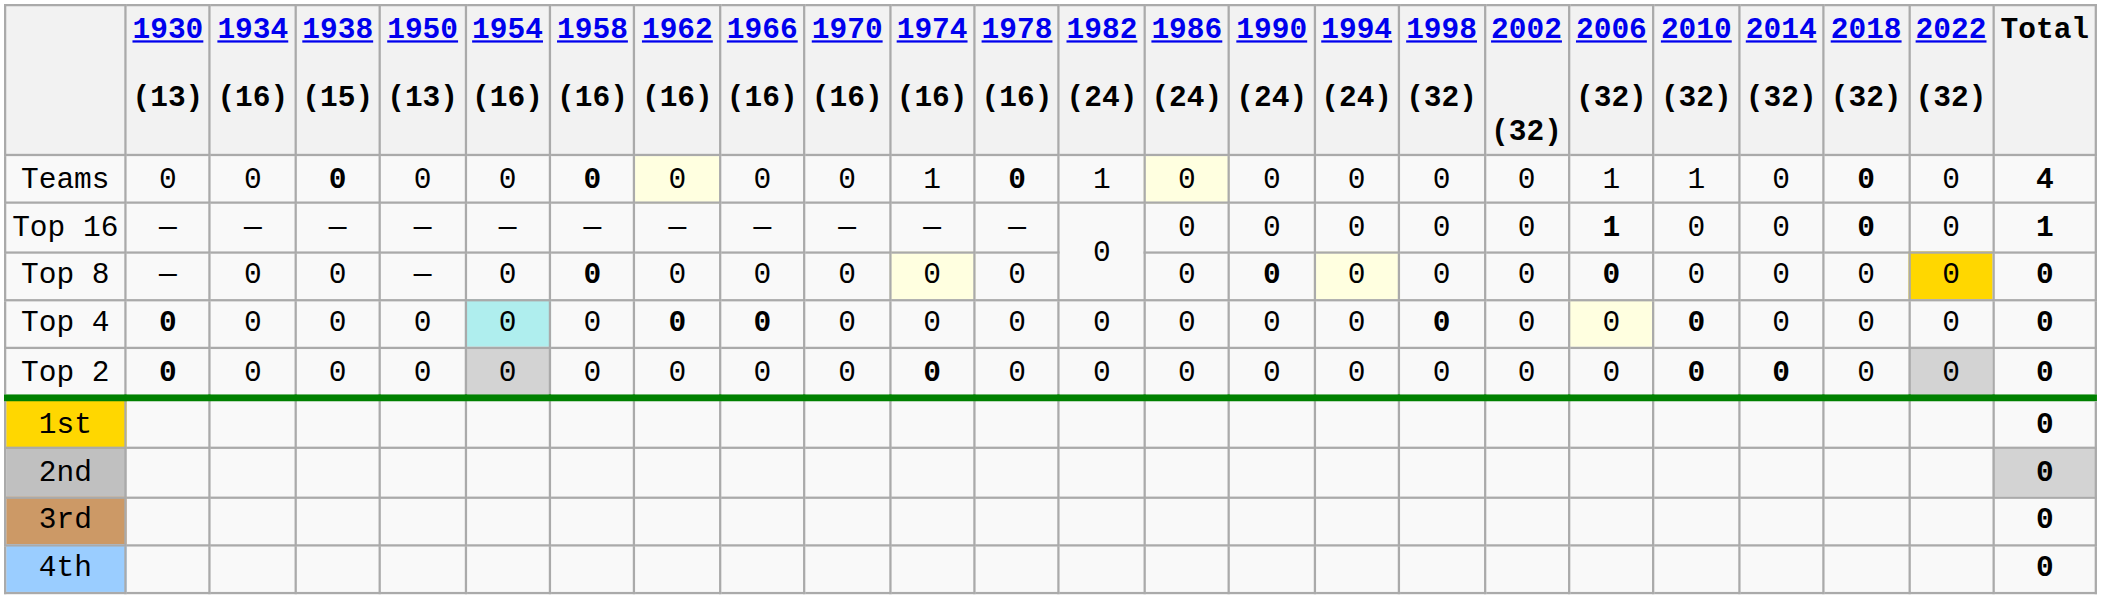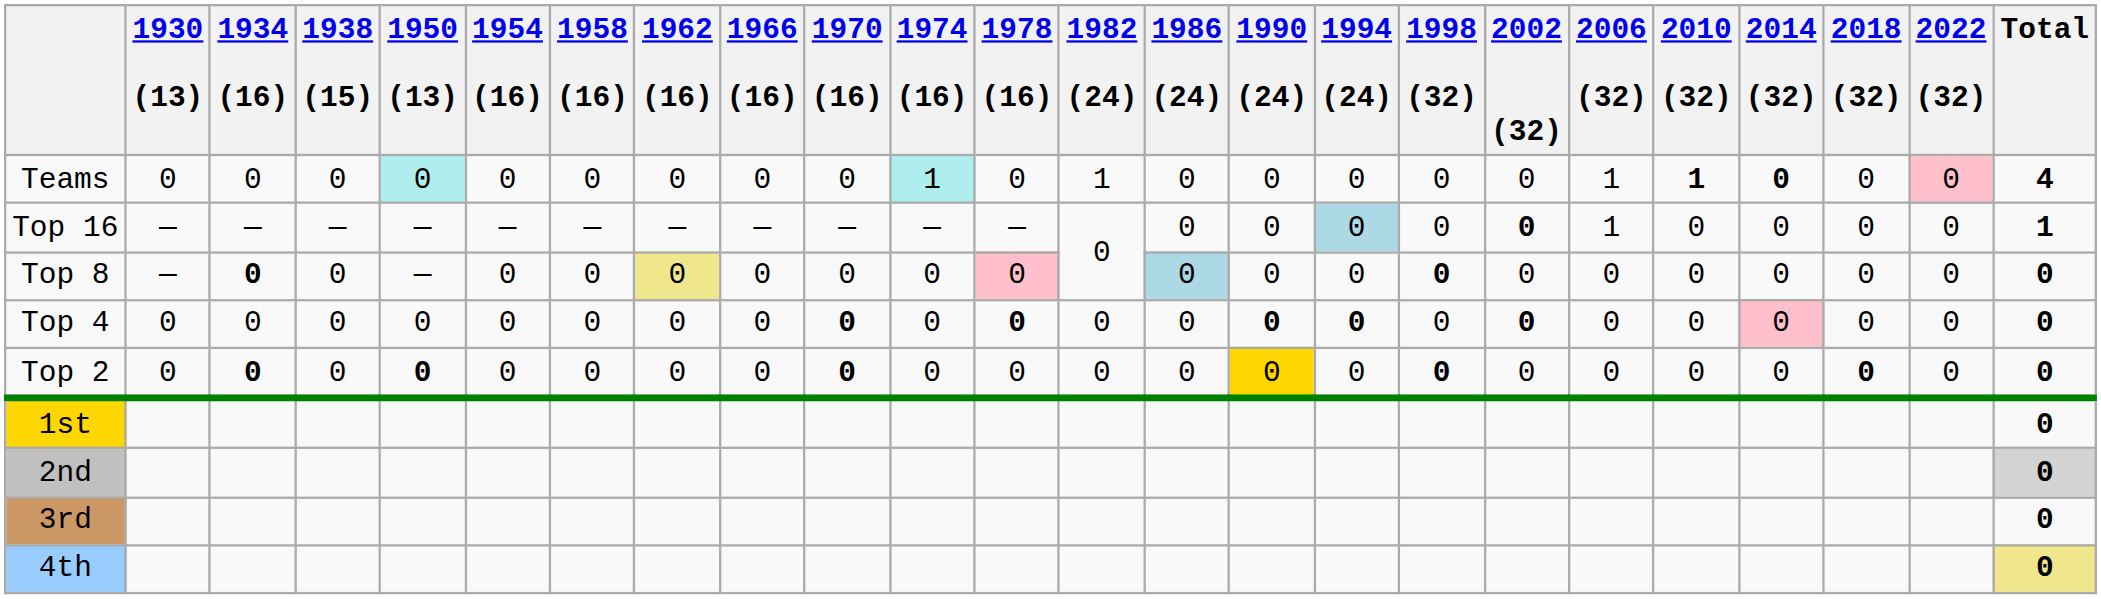 <table class="wikitable" style="text-align: center">
 <tr valign=top>
 <th></th>
 <th><a href='#'>1930</a><br> <br> (13)</th>
 <th><a href='#'>1934</a><br> <br> (16)</th>
 <th><a href='#'>1938</a><br> <br> (15)</th>
 <th><a href='#'>1950</a><br> <br> (13)</th>
 <th><a href='#'>1954</a><br> <br> (16)</th>
 <th><a href='#'>1958</a><br> <br> (16)</th>
 <th><a href='#'>1962</a><br> <br> (16)</th>
 <th><a href='#'>1966</a><br> <br> (16)</th>
 <th><a href='#'>1970</a><br> <br> (16)</th>
 <th><a href='#'>1974</a><br> <br> (16)</th>
 <th><a href='#'>1978</a><br> <br> (16)</th>
 <th><a href='#'>1982</a><br> <br> (24)</th>
 <th><a href='#'>1986</a><br> <br> (24)</th>
 <th><a href='#'>1990</a><br> <br> (24)</th>
 <th><a href='#'>1994</a><br> <br> (24)</th>
 <th><a href='#'>1998</a><br> <br> (32)</th>
 <th><a href='#'>2002</a><br> <br><br> (32)</th>
 <th><a href='#'>2006</a><br> <br> (32)</th>
 <th><a href='#'>2010</a><br> <br> (32)</th>
 <th><a href='#'>2014</a><br> <br> (32)</th>
 <th><a href='#'>2018</a><br> <br> (32)</th>
 <th><a href='#'>2022</a><br> <br> (32)</th>
 <th>Total</th>
 </tr>
 <tr>
 <td>Teams</td>
 <td>0</td>
 <td>0</td>
-<td><strong>0</strong></td>
+<td>0</td>
+<td style="background: paleturquoise;">0</td>
 <td>0</td>
 <td>0</td>
-<td><strong>0</strong></td>
-<td style="background: lightyellow;">0</td>
 <td>0</td>
 <td>0</td>
+<td>0</td>
+<td style="background: paleturquoise;">1</td>
+<td>0</td>
 <td>1</td>
-<td><strong>0</strong></td>
-<td>1</td>
-<td style="background: lightyellow;">0</td>
+<td>0</td>
 <td>0</td>
 <td>0</td>
 <td>0</td>
 <td>0</td>
 <td>1</td>
-<td>1</td>
-<td>0</td>
+<td><strong>1</strong></td>
 <td><strong>0</strong></td>
 <td>0</td>
+<td style="background: pink;">0</td>
 <td><strong>4</strong></td>
 </tr>
 <tr>
 <td>Top 16</td>
 <td>—</td>
 <td>—</td>
 <td>—</td>
 <td>—</td>
 <td>—</td>
 <td>—</td>
 <td>—</td>
 <td>—</td>
 <td>—</td>
 <td>—</td>
 <td>—</td>
 <td rowspan=2>0</td>
 <td>0</td>
 <td>0</td>
+<td style="background: lightblue;">0</td>
+<td>0</td>
+<td><strong>0</strong></td>
+<td>1</td>
 <td>0</td>
 <td>0</td>
 <td>0</td>
-<td><strong>1</strong></td>
-<td>0</td>
-<td>0</td>
-<td><strong>0</strong></td>
 <td>0</td>
 <td><strong>1</strong></td>
 </tr>
 <tr>
 <td>Top 8</td>
 <td>—</td>
-<td>0</td>
+<td><strong>0</strong></td>
 <td>0</td>
 <td>—</td>
 <td>0</td>
-<td><strong>0</strong></td>
+<td>0</td>
+<td style="background: khaki;">0</td>
 <td>0</td>
 <td>0</td>
 <td>0</td>
-<td style="background: lightyellow;">0</td>
-<td>0</td>
-<td>0</td>
-<td><strong>0</strong></td>
-<td style="background: lightyellow;">0</td>
+<td style="background: pink;">0</td>
+<td style="background: lightblue;">0</td>
 <td>0</td>
 <td>0</td>
 <td><strong>0</strong></td>
 <td>0</td>
 <td>0</td>
 <td>0</td>
-<td style="background: gold;">0</td>
+<td>0</td>
+<td>0</td>
+<td>0</td>
 <td><strong>0</strong></td>
 </tr>
 <tr>
 <td>Top 4</td>
-<td><strong>0</strong></td>
 <td>0</td>
-<td>0</td>
-<td>0</td>
-<td style="background: paleturquoise;">0</td>
-<td>0</td>
-<td><strong>0</strong></td>
-<td><strong>0</strong></td>
 <td>0</td>
 <td>0</td>
 <td>0</td>
 <td>0</td>
 <td>0</td>
 <td>0</td>
 <td>0</td>
 <td><strong>0</strong></td>
 <td>0</td>
-<td style="background: lightyellow;">0</td>
 <td><strong>0</strong></td>
 <td>0</td>
+<td>0</td>
+<td><strong>0</strong></td>
+<td><strong>0</strong></td>
+<td>0</td>
+<td><strong>0</strong></td>
+<td>0</td>
+<td>0</td>
+<td style="background: pink;">0</td>
 <td>0</td>
 <td>0</td>
 <td><strong>0</strong></td>
 </tr>
 <tr>
 <td>Top 2</td>
+<td>0</td>
 <td><strong>0</strong></td>
 <td>0</td>
-<td>0</td>
-<td>0</td>
-<td style="background: lightgrey;">0</td>
+<td><strong>0</strong></td>
 <td>0</td>
 <td>0</td>
 <td>0</td>
 <td>0</td>
 <td><strong>0</strong></td>
 <td>0</td>
 <td>0</td>
 <td>0</td>
 <td>0</td>
+<td style="background: gold;">0</td>
+<td>0</td>
+<td><strong>0</strong></td>
 <td>0</td>
 <td>0</td>
 <td>0</td>
 <td>0</td>
 <td><strong>0</strong></td>
-<td><strong>0</strong></td>
 <td>0</td>
-<td style="background: lightgrey;">0</td>
 <td><strong>0</strong></td>
 </tr>
 <tr style="border-top:3px solid green;">
 <td bgcolor=gold>1st</td>
 <td></td>
 <td></td>
 <td></td>
 <td></td>
 <td></td>
 <td></td>
 <td></td>
 <td></td>
 <td></td>
 <td></td>
 <td></td>
 <td></td>
 <td></td>
 <td></td>
 <td></td>
 <td></td>
 <td></td>
 <td></td>
 <td></td>
 <td></td>
 <td></td>
 <td></td>
 <td><strong>0</strong></td>
 </tr>
 <tr>
 <td bgcolor=silver>2nd</td>
 <td></td>
 <td></td>
 <td></td>
 <td></td>
 <td></td>
 <td></td>
 <td></td>
 <td></td>
 <td></td>
 <td></td>
 <td></td>
 <td></td>
 <td></td>
 <td></td>
 <td></td>
 <td></td>
 <td></td>
 <td></td>
 <td></td>
 <td></td>
 <td></td>
 <td></td>
 <td style="background: lightgrey;"><strong>0</strong></td>
 </tr>
 <tr>
 <td bgcolor=#cc9966>3rd</td>
 <td></td>
 <td></td>
 <td></td>
 <td></td>
 <td></td>
 <td></td>
 <td></td>
 <td></td>
 <td></td>
 <td></td>
 <td></td>
 <td></td>
 <td></td>
 <td></td>
 <td></td>
 <td></td>
 <td></td>
 <td></td>
 <td></td>
 <td></td>
 <td></td>
 <td></td>
 <td><strong>0</strong></td>
 </tr>
 <tr>
 <td bgcolor=#9acdff>4th</td>
 <td></td>
 <td></td>
 <td></td>
 <td></td>
 <td></td>
 <td></td>
 <td></td>
 <td></td>
 <td></td>
 <td></td>
 <td></td>
 <td></td>
 <td></td>
 <td></td>
 <td></td>
 <td></td>
 <td></td>
 <td></td>
 <td></td>
 <td></td>
 <td></td>
 <td></td>
-<td><strong>0</strong></td>
+<td style="background: khaki;"><strong>0</strong></td>
 </tr>
 </table>
